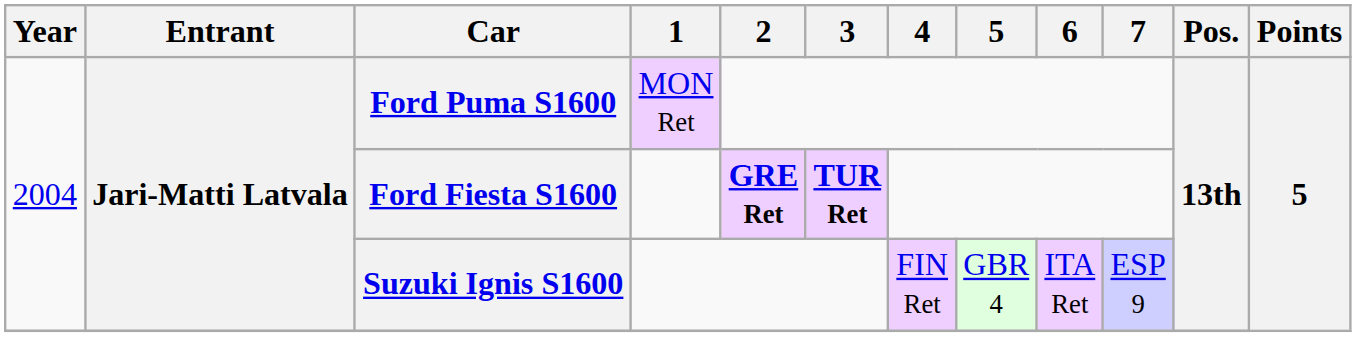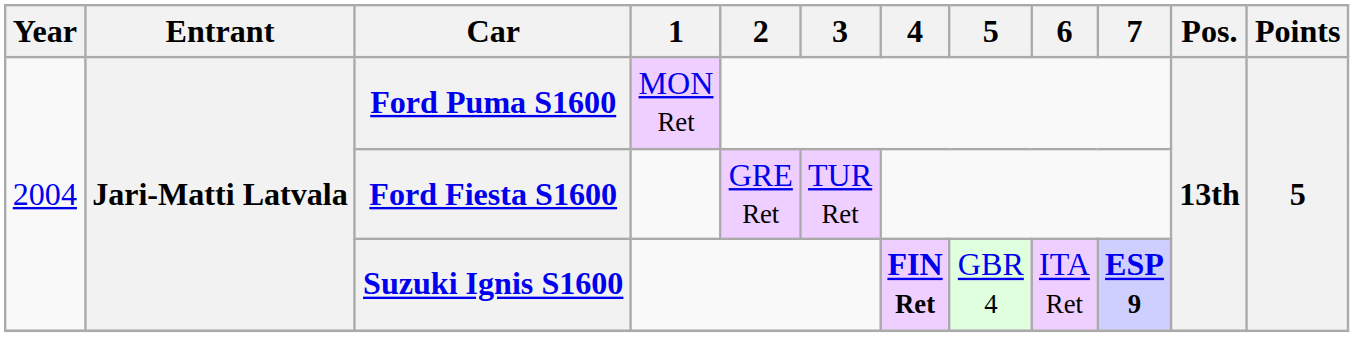 <table class="wikitable" style="text-align:center; font-size:85%">
 <tr>
 <th>Year</th>
 <th>Entrant</th>
 <th>Car</th>
 <th>1</th>
 <th>2</th>
 <th>3</th>
 <th>4</th>
 <th>5</th>
 <th>6</th>
 <th>7</th>
 <th>Pos.</th>
 <th>Points</th>
 </tr>
 <tr>
 <td rowspan=3><a href='#'>2004</a></td>
 <th rowspan=3 nowrap>Jari-Matti Latvala</th>
 <th nowrap><a href='#'>Ford Puma S1600</a></th>
 <td style="background:#EFCFFF;"><a href='#'>MON</a><br><small>Ret</small></td>
 <td colspan=6></td>
 <th rowspan=3>13th</th>
 <th rowspan=5>5</th>
 </tr>
 <tr>
 <th nowrap><a href='#'>Ford Fiesta S1600</a></th>
 <td></td>
-<td style="background:#EFCFFF;"><strong><a href='#'>GRE</a><br><small>Ret</small></strong></td>
-<td style="background:#EFCFFF;"><strong><a href='#'>TUR</a><br><small>Ret</small></strong></td>
+<td style="background:#EFCFFF;"><a href='#'>GRE</a><br><small>Ret</small></td>
+<td style="background:#EFCFFF;"><a href='#'>TUR</a><br><small>Ret</small></td>
 <td colspan=4></td>
 </tr>
 <tr>
 <th nowrap><a href='#'>Suzuki Ignis S1600</a></th>
 <td colspan=3></td>
-<td style="background:#EFCFFF;"><a href='#'>FIN</a><br><small>Ret</small></td>
+<td style="background:#EFCFFF;"><strong><a href='#'>FIN</a><br><small>Ret</small></strong></td>
 <td style="background:#DFFFDF;"><a href='#'>GBR</a><br><small>4</small></td>
 <td style="background:#EFCFFF;"><a href='#'>ITA</a><br><small>Ret</small></td>
-<td style="background:#CFCFFF;"><a href='#'>ESP</a><br><small>9</small></td>
+<td style="background:#CFCFFF;"><strong><a href='#'>ESP</a><br><small>9</small></strong></td>
 </tr>
 <tr>
 </tr>
 </table>
